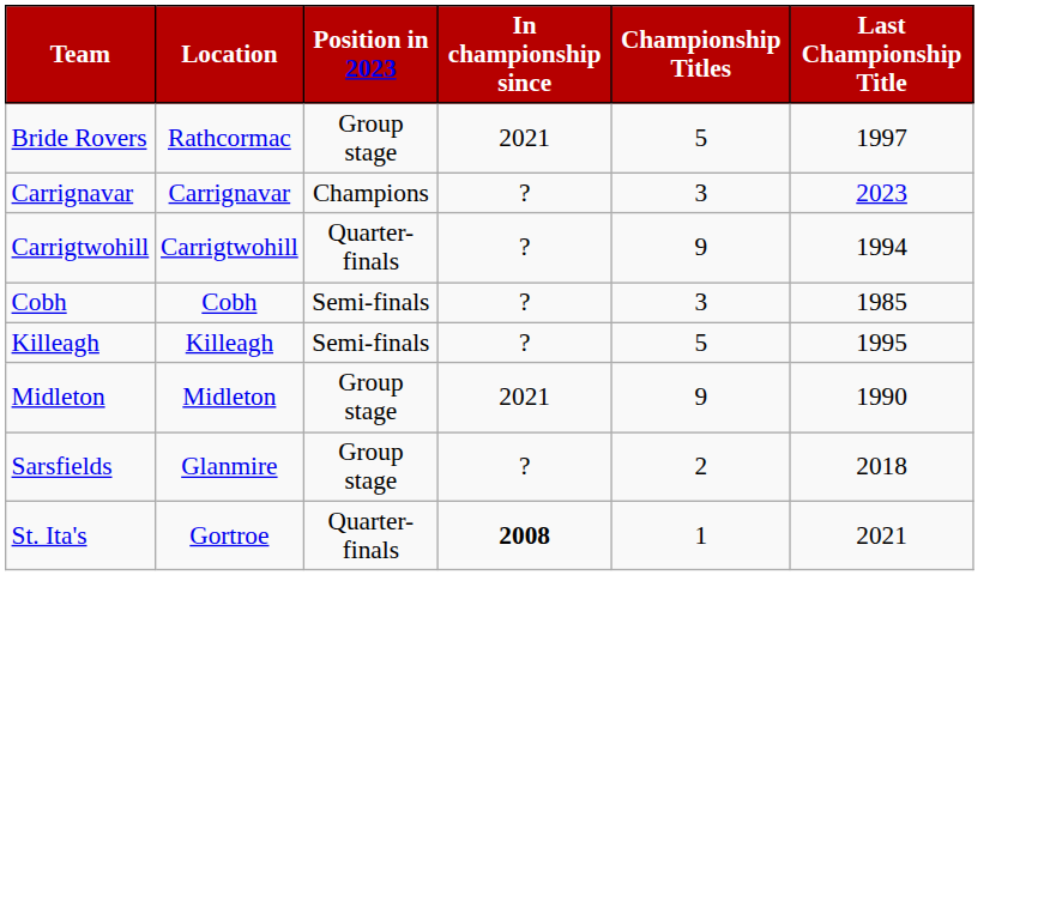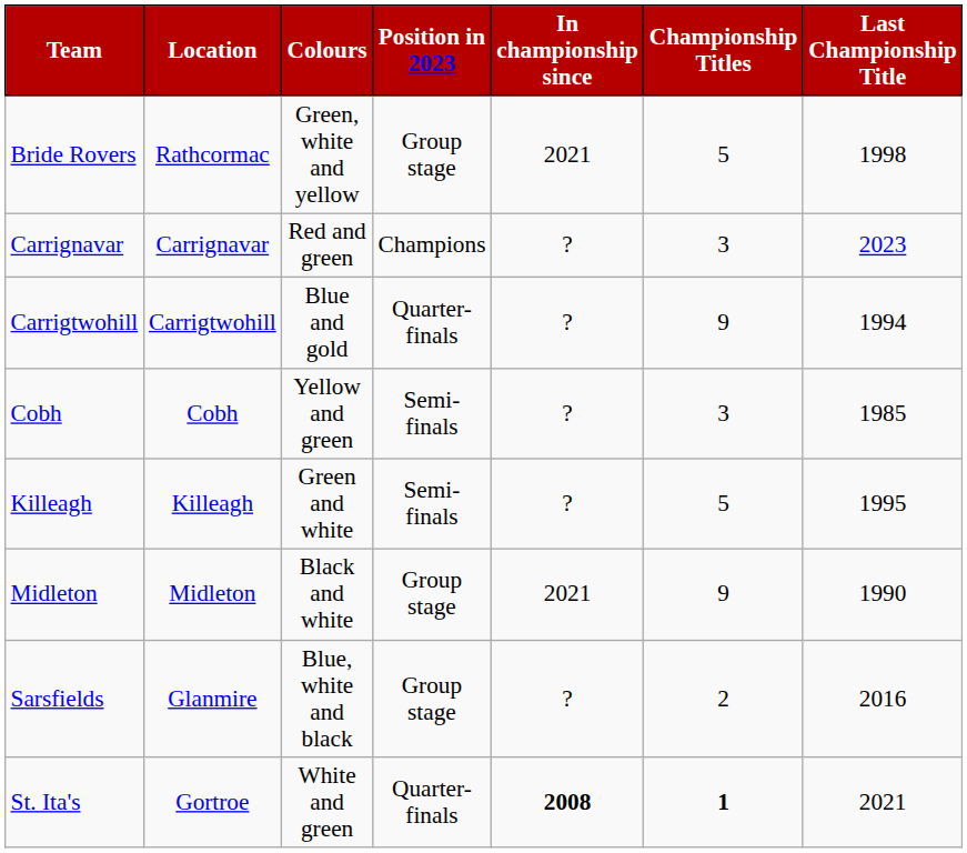 <table class="wikitable sortable" style="text-align:center">
 <tr>
 <th style="background:#B60000;color:white;border:1px solid black">Team</th>
 <th style="background:#B60000;color:white;border:1px solid black">Location</th>
+<th style="background:#B60000;color:white;border:1px solid black">Colours</th>
 <th style="background:#B60000;color:white;border:1px solid black">Position in <a href='#'>2023</a></th>
 <th style="background:#B60000;color:white;border:1px solid black">In championship since</th>
 <th style="background:#B60000;color:white;border:1px solid black">Championship Titles</th>
 <th style="background:#B60000;color:white;border:1px solid black">Last Championship Title</th>
 </tr>
 <tr>
 <td style="text-align:left"> <a href='#'>Bride Rovers</a></td>
 <td><a href='#'>Rathcormac</a></td>
+<td>Green, white and yellow</td>
 <td>Group stage</td>
 <td>2021</td>
 <td>5</td>
-<td>1997</td>
+<td>1998</td>
 </tr>
 <tr>
 <td style="text-align:left"> <a href='#'>Carrignavar</a></td>
 <td><a href='#'>Carrignavar</a></td>
+<td>Red and green</td>
 <td>Champions</td>
 <td>?</td>
 <td>3</td>
 <td><a href='#'>2023</a></td>
 </tr>
 <tr>
 <td style="text-align:left"> <a href='#'>Carrigtwohill</a></td>
 <td><a href='#'>Carrigtwohill</a></td>
+<td>Blue and gold</td>
 <td>Quarter-finals</td>
 <td>?</td>
 <td>9</td>
 <td>1994</td>
 </tr>
 <tr>
 <td style="text-align:left"> <a href='#'>Cobh</a></td>
 <td><a href='#'>Cobh</a></td>
+<td>Yellow and green</td>
 <td>Semi-finals</td>
 <td>?</td>
 <td>3</td>
 <td>1985</td>
 </tr>
 <tr>
 <td style="text-align:left"> <a href='#'>Killeagh</a></td>
 <td><a href='#'>Killeagh</a></td>
+<td>Green and white</td>
 <td>Semi-finals</td>
 <td>?</td>
 <td>5</td>
 <td>1995</td>
 </tr>
 <tr>
 <td style="text-align:left"> <a href='#'>Midleton</a></td>
 <td><a href='#'>Midleton</a></td>
+<td>Black and white</td>
 <td>Group stage</td>
 <td>2021</td>
 <td>9</td>
 <td>1990</td>
 </tr>
 <tr>
 <td style="text-align:left"> <a href='#'>Sarsfields</a></td>
 <td><a href='#'>Glanmire</a></td>
+<td>Blue, white and black</td>
 <td>Group stage</td>
 <td>?</td>
 <td>2</td>
-<td>2018</td>
+<td>2016</td>
 </tr>
 <tr>
 <td style="text-align:left"> <a href='#'>St. Ita's</a></td>
 <td><a href='#'>Gortroe</a></td>
+<td>White and green</td>
 <td>Quarter-finals</td>
 <td><strong>2008</strong></td>
-<td>1</td>
+<td><strong>1</strong></td>
 <td>2021</td>
 </tr>
 </table>
